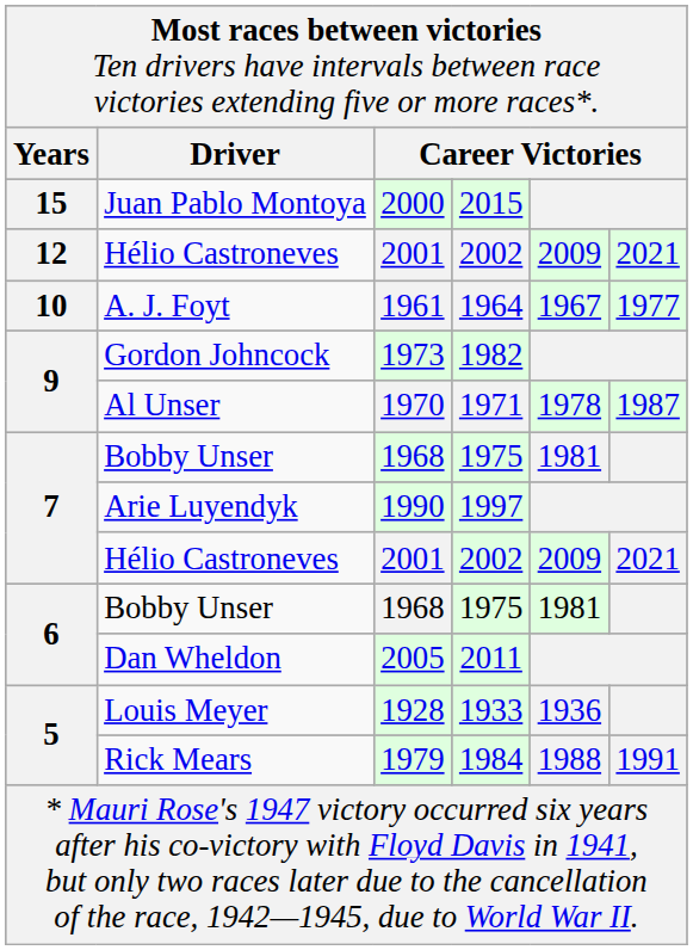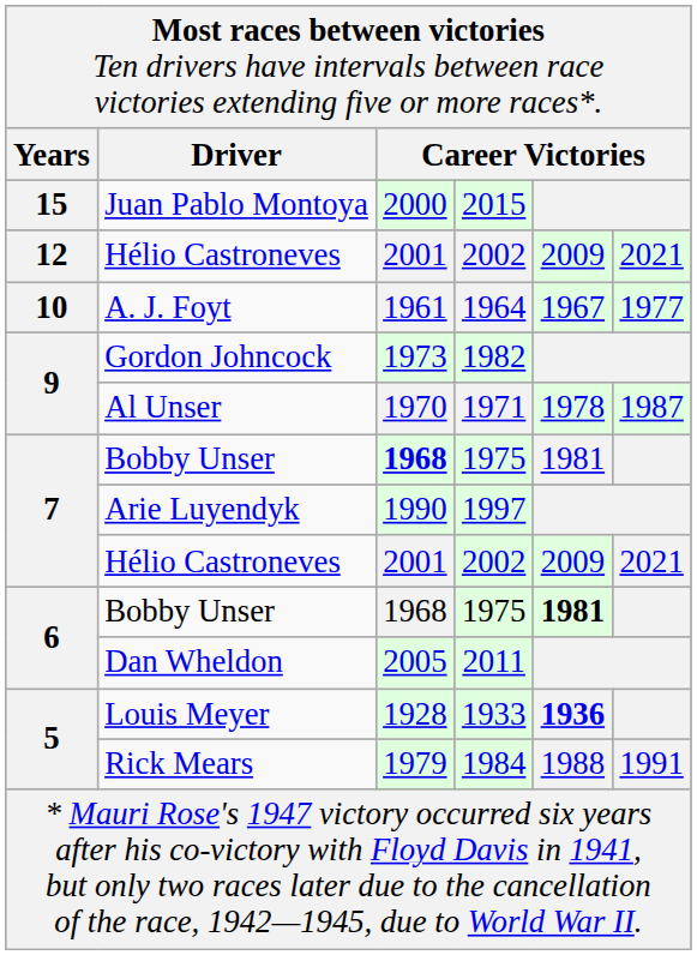 <table class="wikitable">
 <tr>
 <td style="background:#F2F2F2;" align="center" colspan="6"><strong>Most races between victories</strong><br><em>Ten drivers have intervals between race<br>victories extending five or more races*.</em></td>
 </tr>
 <tr>
 <td style="background:#F2F2F2;" align="center"><strong>Years</strong></td>
 <td style="background:#F2F2F2;" align="center"><strong>Driver</strong></td>
 <td style="background:#F2F2F2;" align="center" colspan="4"><strong>Career Victories</strong></td>
 </tr>
 <tr>
 <td style="background:#F2F2F2;" align="center"><strong>15</strong></td>
 <td> <a href='#'>Juan Pablo Montoya</a></td>
 <td style="background:#DFFFDF;" align="center"><a href='#'>2000</a></td>
 <td style="background:#DFFFDF;" align="center"><a href='#'>2015</a></td>
 <td style="background:#F2F2F2;" align="center" colspan="2"> </td>
 </tr>
 <tr>
 <td style="background:#F2F2F2;" align="center"><strong>12</strong></td>
 <td> <a href='#'>Hélio Castroneves</a></td>
 <td style="background:#F2F2F2;" align="center"><a href='#'>2001</a></td>
 <td style="background:#F2F2F2;" align="center"><a href='#'>2002</a></td>
 <td style="background:#DFFFDF;" align="center"><a href='#'>2009</a></td>
 <td style="background:#DFFFDF;" align="center"><a href='#'>2021</a></td>
 </tr>
 <tr>
 <td style="background:#F2F2F2;" align="center"><strong>10</strong></td>
 <td> <a href='#'>A. J. Foyt</a></td>
 <td style="background:#F2F2F2;" align="center"><a href='#'>1961</a></td>
 <td style="background:#F2F2F2;" align="center"><a href='#'>1964</a></td>
 <td style="background:#DFFFDF;" align="center"><a href='#'>1967</a></td>
 <td style="background:#DFFFDF;" align="center"><a href='#'>1977</a></td>
 </tr>
 <tr>
 <td style="background:#F2F2F2;" align="center" rowspan="2"><strong>9</strong></td>
 <td> <a href='#'>Gordon Johncock</a></td>
 <td style="background:#DFFFDF;" align="center"><a href='#'>1973</a></td>
 <td style="background:#DFFFDF;" align="center"><a href='#'>1982</a></td>
 <td style="background:#F2F2F2;" align="center" colspan="2"> </td>
 </tr>
 <tr>
 <td> <a href='#'>Al Unser</a></td>
 <td style="background:#F2F2F2;" align="center"><a href='#'>1970</a></td>
 <td style="background:#F2F2F2;" align="center"><a href='#'>1971</a></td>
 <td style="background:#DFFFDF;" align="center"><a href='#'>1978</a></td>
 <td style="background:#DFFFDF;" align="center"><a href='#'>1987</a></td>
 </tr>
 <tr>
 <td style="background:#F2F2F2;" align="center" rowspan="3"><strong>7</strong></td>
 <td> <a href='#'>Bobby Unser</a></td>
-<td style="background:#DFFFDF;" align="center"><a href='#'>1968</a></td>
+<td style="background:#DFFFDF;" align="center"><strong><a href='#'>1968</a></strong></td>
 <td style="background:#DFFFDF;" align="center"><a href='#'>1975</a></td>
 <td style="background:#F2F2F2;" align="center"><a href='#'>1981</a></td>
 <td style="background:#F2F2F2;" align="center"> </td>
 </tr>
 <tr>
 <td> <a href='#'>Arie Luyendyk</a></td>
 <td style="background:#DFFFDF;" align="center"><a href='#'>1990</a></td>
 <td style="background:#DFFFDF;" align="center"><a href='#'>1997</a></td>
 <td style="background:#F2F2F2;" align="center" colspan="2"> </td>
 </tr>
 <tr>
 <td> <a href='#'>Hélio Castroneves</a></td>
 <td style="background:#F2F2F2;" align="center"><a href='#'>2001</a></td>
 <td style="background:#DFFFDF;" align="center"><a href='#'>2002</a></td>
 <td style="background:#DFFFDF;" align="center"><a href='#'>2009</a></td>
 <td style="background:#F2F2F2;" align="center"><a href='#'>2021</a></td>
 </tr>
 <tr>
 <td style="background:#F2F2F2;" align="center" rowspan="2"><strong>6</strong></td>
 <td> Bobby Unser</td>
 <td style="background:#F2F2F2;" align="center">1968</td>
 <td style="background:#DFFFDF;" align="center">1975</td>
-<td style="background:#DFFFDF;" align="center">1981</td>
+<td style="background:#DFFFDF;" align="center"><strong>1981</strong></td>
 <td style="background:#F2F2F2;" align="center"> </td>
 </tr>
 <tr>
 <td> <a href='#'>Dan Wheldon</a></td>
 <td style="background:#DFFFDF;" align="center"><a href='#'>2005</a></td>
 <td style="background:#DFFFDF;" align="center"><a href='#'>2011</a></td>
 <td style="background:#F2F2F2;" align="center" colspan="2"> </td>
 </tr>
 <tr>
 <td style="background:#F2F2F2;" align="center" rowspan="2"><strong>5</strong></td>
 <td> <a href='#'>Louis Meyer</a></td>
 <td style="background:#DFFFDF;" align="center"><a href='#'>1928</a></td>
 <td style="background:#DFFFDF;" align="center"><a href='#'>1933</a></td>
-<td style="background:#F2F2F2;" align="center"><a href='#'>1936</a></td>
+<td style="background:#F2F2F2;" align="center"><strong><a href='#'>1936</a></strong></td>
 <td style="background:#F2F2F2;" align="center"> </td>
 </tr>
 <tr>
 <td> <a href='#'>Rick Mears</a></td>
 <td style="background:#DFFFDF;" align="center"><a href='#'>1979</a></td>
 <td style="background:#DFFFDF;" align="center"><a href='#'>1984</a></td>
 <td style="background:#F2F2F2;" align="center"><a href='#'>1988</a></td>
 <td style="background:#F2F2F2;" align="center"><a href='#'>1991</a></td>
 </tr>
 <tr>
 <td style="background:#F2F2F2;" align="center" colspan="6"><em>*  <a href='#'>Mauri Rose</a>'s <a href='#'>1947</a> victory occurred six years<br>after his co-victory with  <a href='#'>Floyd Davis</a> in <a href='#'>1941</a>,<br>but only two races later due to the cancellation<br>of the race, 1942—1945, due to <a href='#'>World War II</a>.</em></td>
 </tr>
 </table>
